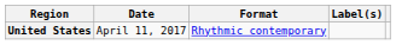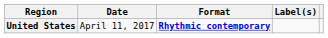 <table class="wikitable sortable plainrowheaders">
 <tr>
 <th>Region</th>
 <th>Date</th>
 <th>Format</th>
 <th>Label(s)</th>
 <th></th>
 </tr>
 <tr>
 <th scope="row">United States</th>
 <td>April 11, 2017</td>
-<td><a href='#'>Rhythmic contemporary</a></td>
+<td><strong><a href='#'>Rhythmic contemporary</a></strong></td>
 <td style="text-align:center;"></td>
 </tr>
 </table>
